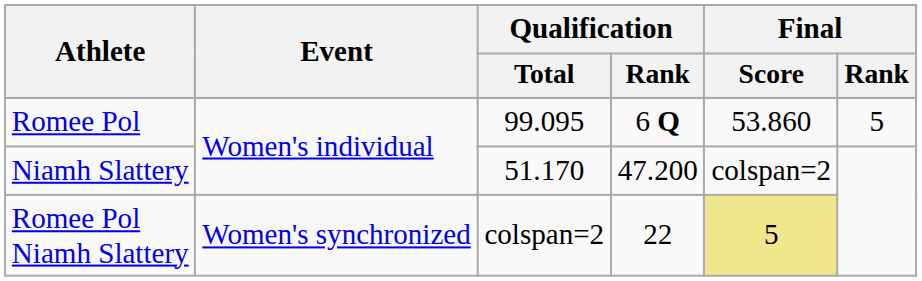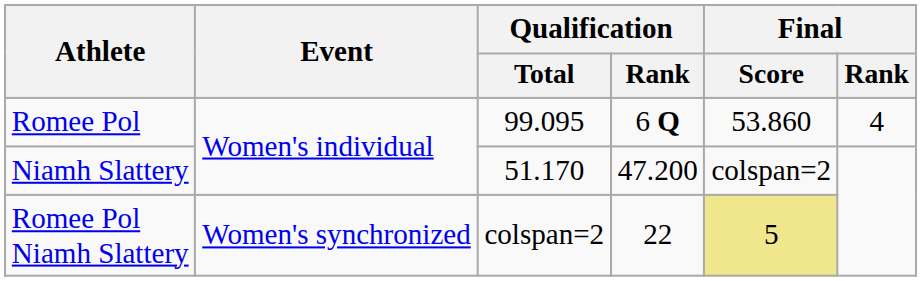 <table class="wikitable" style="text-align:center; font-size:90%">
 <tr>
 <th rowspan=2>Athlete</th>
 <th rowspan=2>Event</th>
 <th colspan=2>Qualification</th>
 <th colspan=2>Final</th>
 </tr>
 <tr style="font-size:95%">
 <th>Total</th>
 <th>Rank</th>
 <th>Score</th>
 <th>Rank</th>
 </tr>
 <tr>
 <td align=left><a href='#'>Romee Pol</a></td>
 <td rowspan=2 align=left><a href='#'>Women's individual</a></td>
 <td>99.095</td>
 <td>6 <strong>Q</strong></td>
 <td>53.860</td>
-<td>5</td>
+<td>4</td>
 </tr>
 <tr>
 <td align=left><a href='#'>Niamh Slattery</a></td>
 <td>51.170</td>
 <td>47.200</td>
 <td>colspan=2 </td>
 </tr>
 <tr>
 <td align=left><a href='#'>Romee Pol</a><br><a href='#'>Niamh Slattery</a></td>
 <td align=left><a href='#'>Women's synchronized</a></td>
 <td>colspan=2 </td>
 <td>22</td>
 <td style="background: khaki;">5</td>
 </tr>
 </table>
